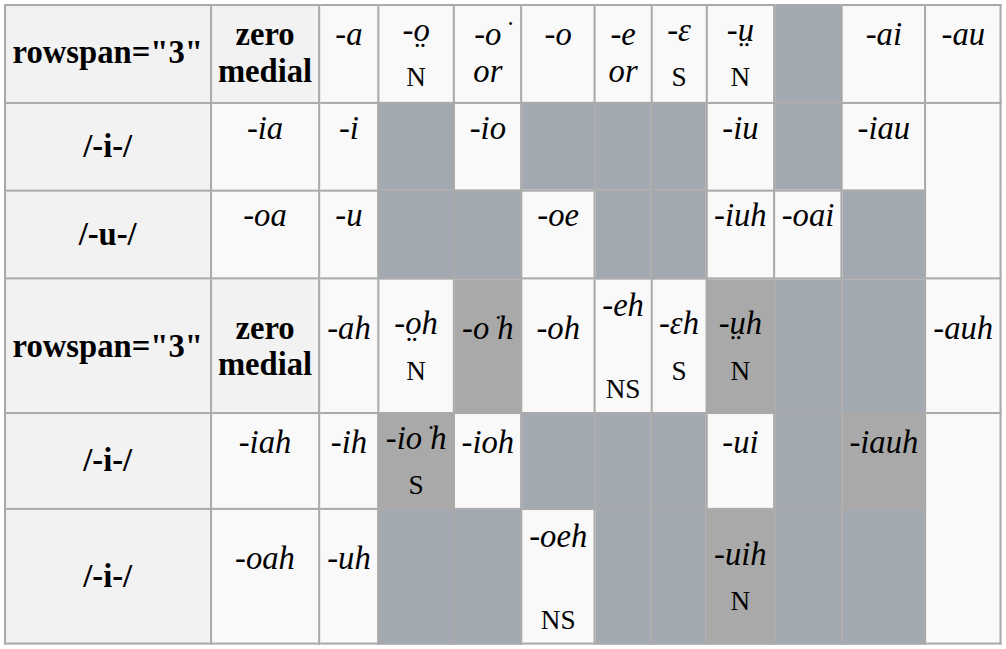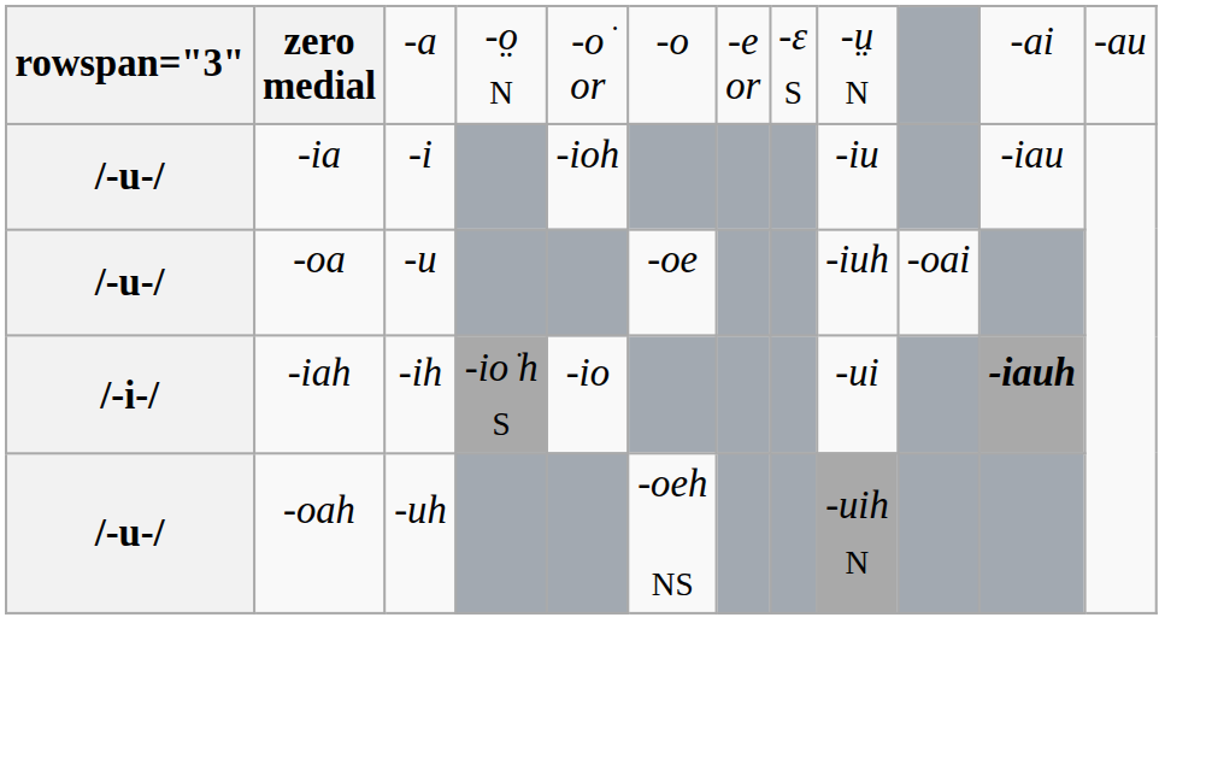 <table class="wikitable" style="text-align:center;">
 <tr>
 <th>rowspan="3" </th>
 <th>zero<br>medial</th>
 <td><em>-a</em><br><br></td>
 <td><em>-o̤</em><br><sub>N</sub><br></td>
 <td><em>-o͘</em><br> <em>or</em> <br></td>
 <td><em>-o</em><br><br></td>
 <td><em>-e</em><br> <em>or</em> <br></td>
 <td><em>-ɛ</em><br><sub>S</sub><br></td>
 <td><em>-ṳ</em><br><sub>N</sub><br></td>
 <td style="background-color:#A2A9B1;"></td>
 <td><em>-ai</em><br><br></td>
 <td><em>-au</em><br><br></td>
 </tr>
 <tr>
-<th>/-i-/</th>
+<th>/-u-/</th>
 <td><em>-ia</em><br><br></td>
 <td><em>-i</em><br><br></td>
 <td style="background-color:#A2A9B1;"></td>
-<td><em>-io</em><br><br></td>
+<td><em>-ioh</em><br><br></td>
 <td style="background-color:#A2A9B1;"></td>
 <td style="background-color:#A2A9B1;"></td>
 <td style="background-color:#A2A9B1;"></td>
 <td><em>-iu</em><br><br></td>
 <td style="background-color:#A2A9B1;"></td>
 <td><em>-iau</em><br><br></td>
 </tr>
 <tr>
 <th>/-u-/</th>
 <td><em>-oa</em><br><br></td>
 <td><em>-u</em><br><br></td>
 <td style="background-color:#A2A9B1;"></td>
 <td style="background-color:#A2A9B1;"></td>
 <td><em>-oe</em><br><br></td>
 <td style="background-color:#A2A9B1;"></td>
 <td style="background-color:#A2A9B1;"></td>
 <td><em>-iuh</em><br><br></td>
 <td><em>-oai</em><br><br></td>
 <td style="background-color:#A2A9B1;"></td>
 </tr>
 <tr>
-<th>rowspan="3" </th>
-<th>zero<br>medial</th>
-<td><em>-ah</em><br><br></td>
-<td><em>-o̤h</em><br><sub>N</sub><br></td>
-<td style="background-color:DarkGray;"><em>-o͘ h</em><br><br></td>
-<td><em>-oh</em><br><br></td>
-<td><em>-eh</em><br><br><sub>N</sub><sub>S</sub></td>
-<td><em>-ɛh</em><br><sub>S</sub><br></td>
-<td style="background-color:DarkGray;"><em>-ṳh</em><br><sub>N</sub><br></td>
-<td style="background-color:#A2A9B1;"></td>
-<td style="background-color:#A2A9B1;"></td>
-<td><em>-auh</em><br><br></td>
-</tr>
-<tr>
 <th>/-i-/</th>
 <td><em>-iah</em><br><br></td>
 <td><em>-ih</em><br><br></td>
 <td style="background-color:DarkGray;"><em>-io͘ h</em><br><sub>S</sub><br></td>
-<td><em>-ioh</em><br><br></td>
+<td><em>-io</em><br><br></td>
 <td style="background-color:#A2A9B1;"></td>
 <td style="background-color:#A2A9B1;"></td>
 <td style="background-color:#A2A9B1;"></td>
 <td><em>-ui</em><br><br></td>
 <td style="background-color:#A2A9B1;"></td>
-<td style="background-color:DarkGray;"><em>-iauh</em><br><br></td>
+<td style="background-color:DarkGray;"><strong><em>-iauh</em><br><br></strong></td>
 </tr>
 <tr>
-<th>/-i-/</th>
+<th>/-u-/</th>
 <td><em>-oah</em><br><br></td>
 <td><em>-uh</em><br><br></td>
 <td style="background-color:#A2A9B1;"></td>
 <td style="background-color:#A2A9B1;"></td>
 <td><em>-oeh</em><br><br><sub>N</sub><sub>S</sub></td>
 <td style="background-color:#A2A9B1;"></td>
 <td style="background-color:#A2A9B1;"></td>
 <td style="background-color:DarkGray;"><em>-uih</em><br><sub>N</sub><br></td>
 <td style="background-color:#A2A9B1;"></td>
 <td style="background-color:#A2A9B1;"></td>
 </tr>
 </table>
